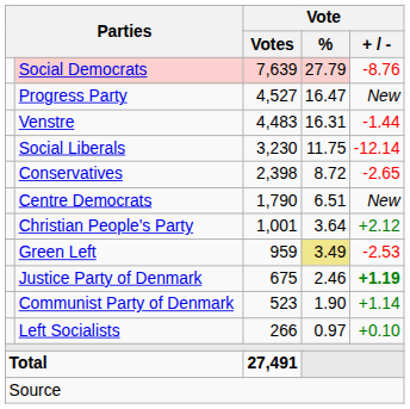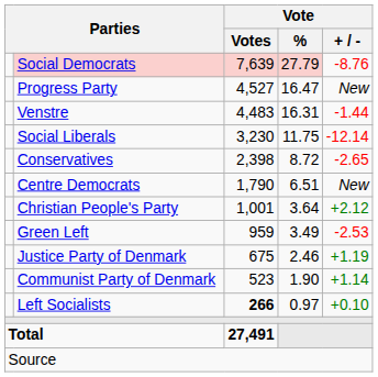 <table class="wikitable" style="text-align:right;">
 <tr>
 <th style="text-align:centre;" rowspan="2" colspan="2" width="225">Parties</th>
 <th colspan="3">Vote</th>
 </tr>
 <tr>
 <th width="15">Votes</th>
 <th width="15">%</th>
 <th width="15">+ / -</th>
 </tr>
 <tr>
 <td width="2" style="color:inherit;background:"></td>
 <td bgcolor=#fbd0ce  align="left"><a href='#'>Social Democrats</a></td>
 <td bgcolor=#fbd0ce>7,639</td>
 <td bgcolor=#fbd0ce>27.79</td>
 <td style=color:red;>-8.76</td>
 </tr>
 <tr>
 <td width="2" style="color:inherit;background:"></td>
 <td align="left"><a href='#'>Progress Party</a></td>
 <td>4,527</td>
 <td>16.47</td>
 <td><em>New</em></td>
 </tr>
 <tr>
 <td width="2" style="color:inherit;background:"></td>
 <td align="left"><a href='#'>Venstre</a></td>
 <td>4,483</td>
 <td>16.31</td>
 <td style=color:red;>-1.44</td>
 </tr>
 <tr>
 <td width="2" style="color:inherit;background:"></td>
 <td align="left"><a href='#'>Social Liberals</a></td>
 <td>3,230</td>
 <td>11.75</td>
 <td style=color:red;>-12.14</td>
 </tr>
 <tr>
 <td width="2" style="color:inherit;background:"></td>
 <td align="left"><a href='#'>Conservatives</a></td>
 <td>2,398</td>
 <td>8.72</td>
 <td style=color:red;>-2.65</td>
 </tr>
 <tr>
 <td width="2" style="color:inherit;background:"></td>
 <td align="left"><a href='#'>Centre Democrats</a></td>
 <td>1,790</td>
 <td>6.51</td>
 <td><em>New</em></td>
 </tr>
 <tr>
 <td width="2" style="color:inherit;background:"></td>
 <td align="left"><a href='#'>Christian People's Party</a></td>
 <td>1,001</td>
 <td>3.64</td>
 <td style=color:green;>+2.12</td>
 </tr>
 <tr>
 <td width="2" style="color:inherit;background:"></td>
 <td align="left"><a href='#'>Green Left</a></td>
 <td>959</td>
-<td style="background: khaki;">3.49</td>
+<td>3.49</td>
 <td style=color:red;>-2.53</td>
 </tr>
 <tr>
 <td width="2" style="color:inherit;background:"></td>
 <td align="left"><a href='#'>Justice Party of Denmark</a></td>
 <td>675</td>
 <td>2.46</td>
-<td style=color:green;><strong>+1.19</strong></td>
+<td style=color:green;>+1.19</td>
 </tr>
 <tr>
 <td width="2" style="color:inherit;background:"></td>
 <td align="left"><a href='#'>Communist Party of Denmark</a></td>
 <td>523</td>
 <td>1.90</td>
 <td style=color:green;>+1.14</td>
 </tr>
 <tr>
 <td width="2" style="color:inherit;background:"></td>
 <td align="left"><a href='#'>Left Socialists</a></td>
-<td>266</td>
+<td><strong>266</strong></td>
 <td>0.97</td>
 <td style=color:green;>+0.10</td>
 </tr>
 <tr>
 <td colspan="7" bgcolor="#E9E9E9"></td>
 </tr>
 <tr>
 <td align="left" colspan="2"><strong>Total</strong></td>
 <td><strong>27,491</strong></td>
 <td bgcolor="#E9E9E9" colspan="2"></td>
 </tr>
 <tr>
 <td align="left" colspan="6">Source</td>
 </tr>
 </table>
